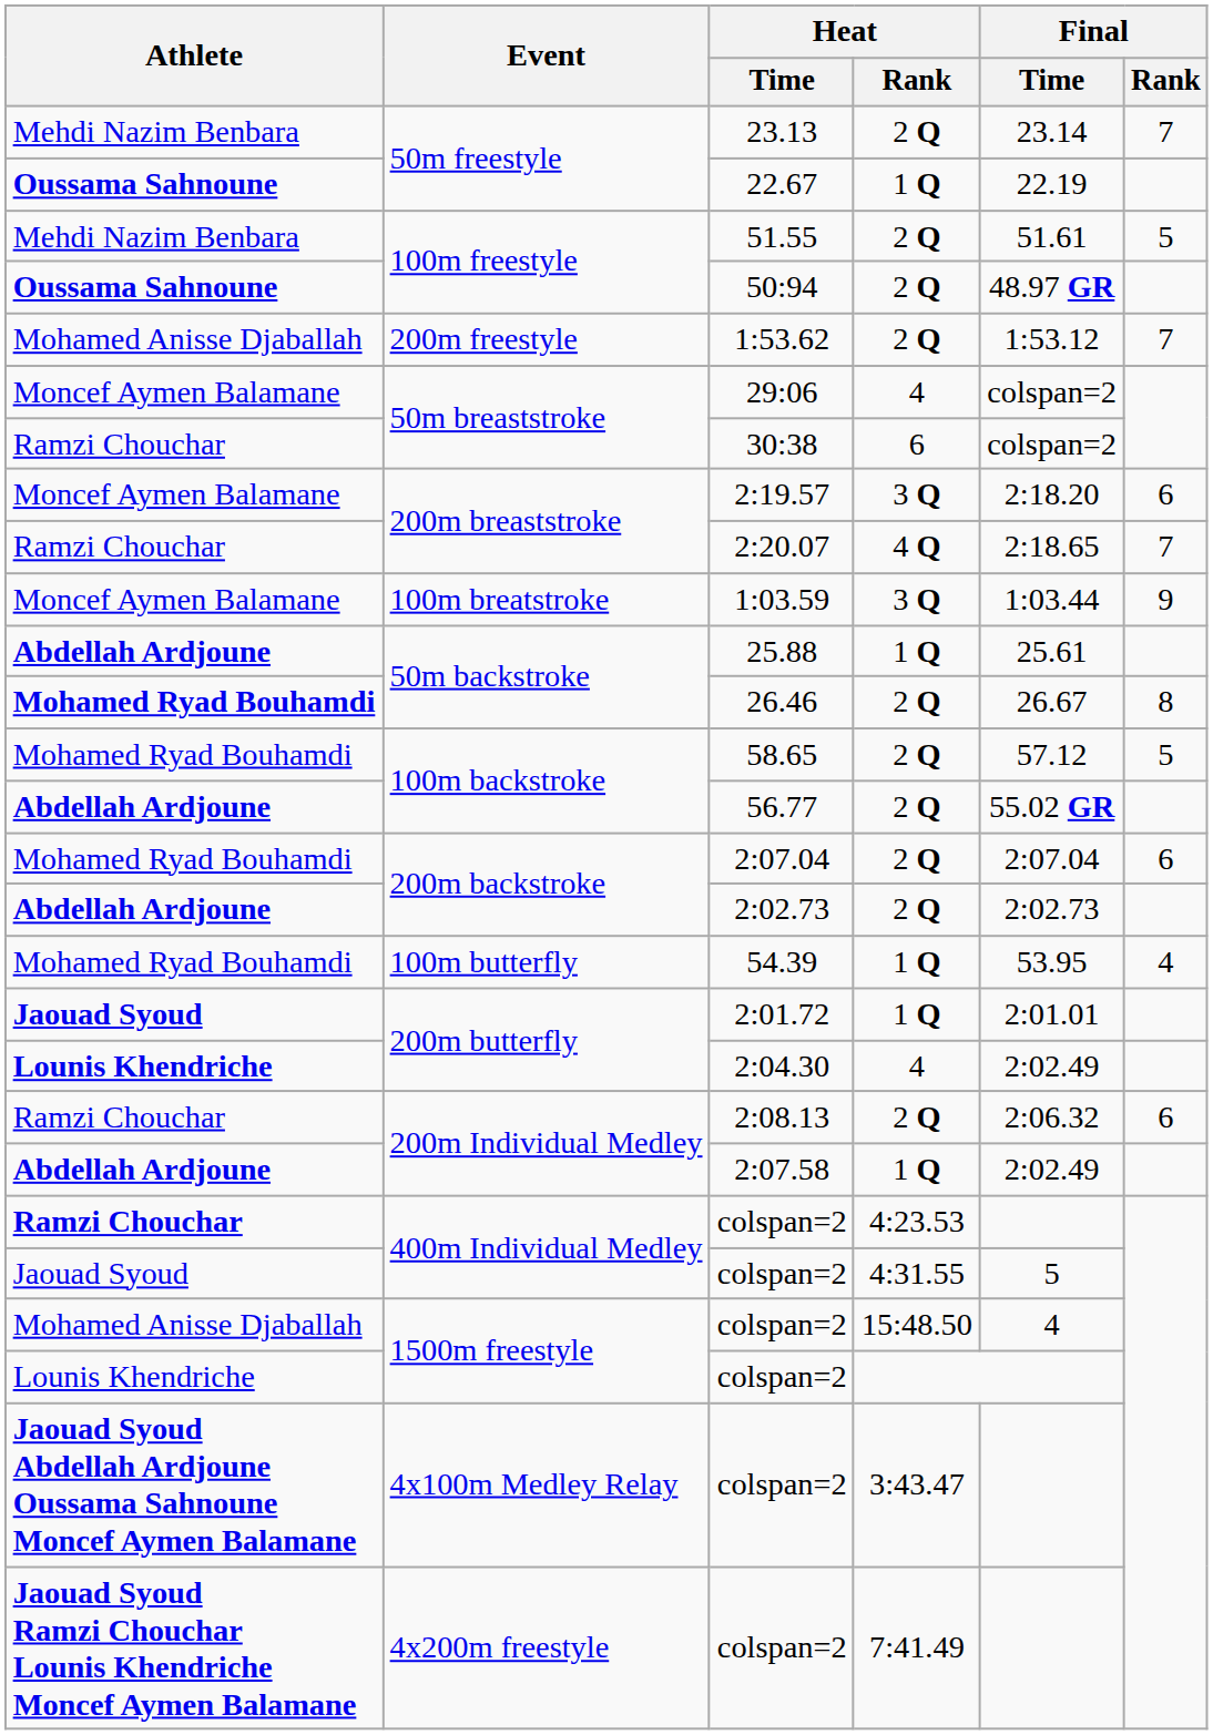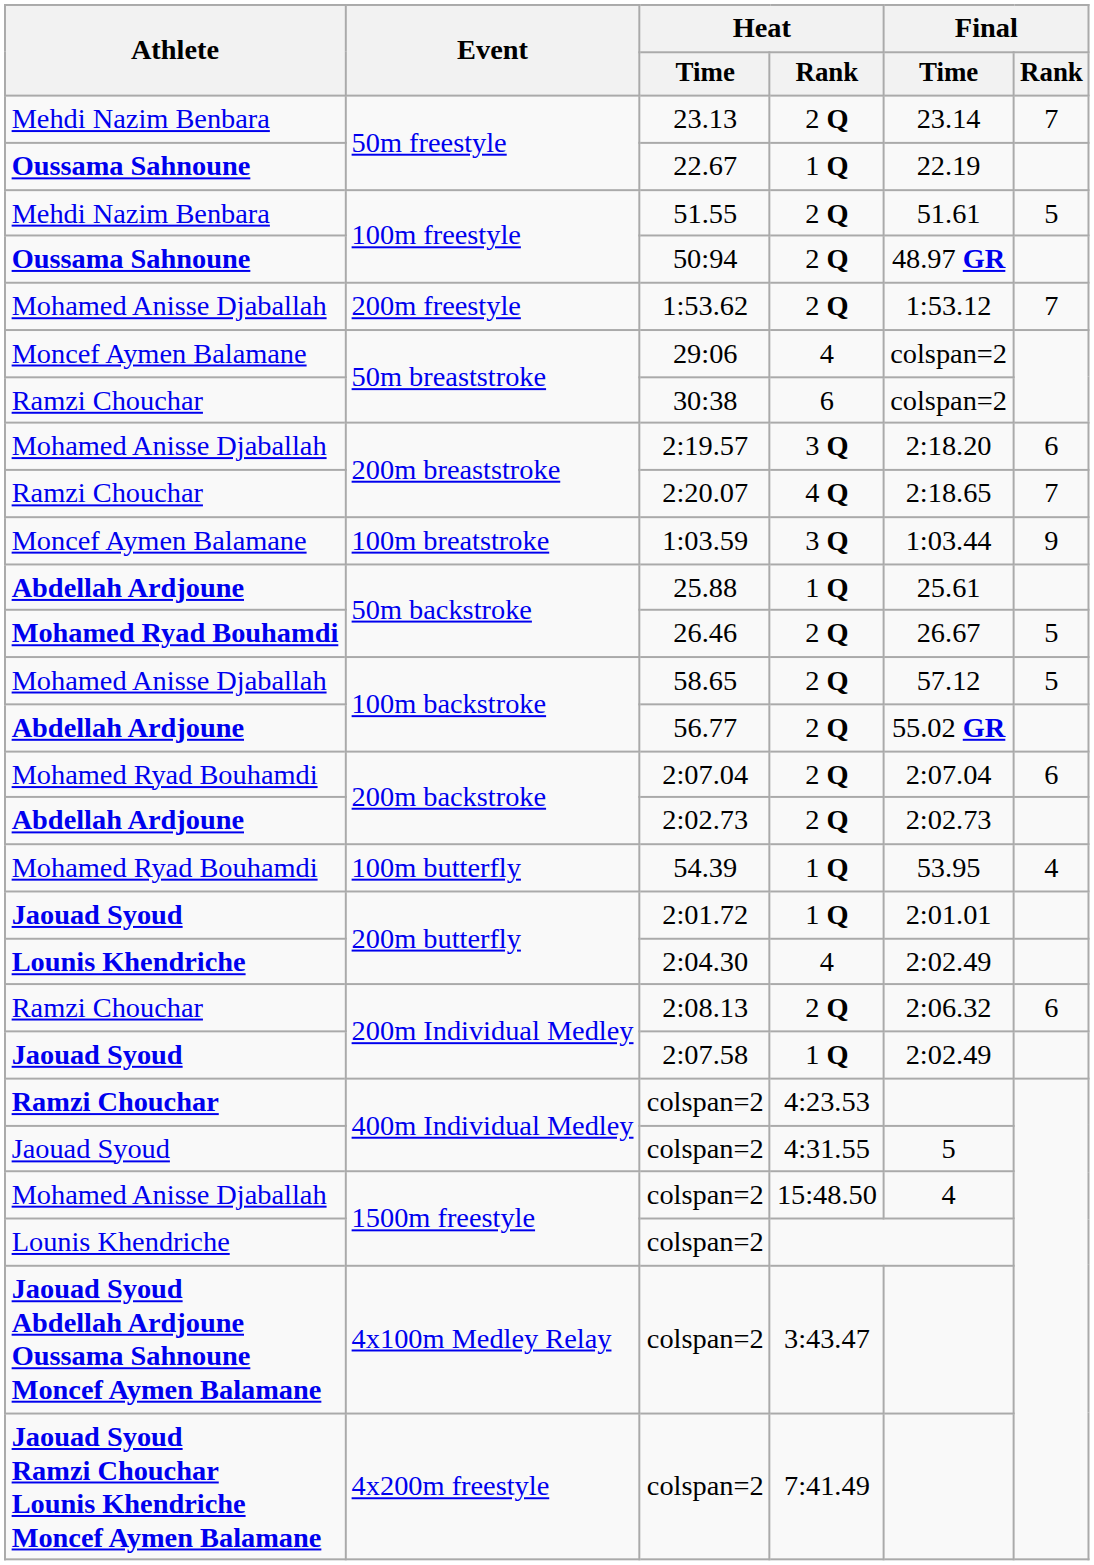 <table class=wikitable style="font-size:90%">
 <tr>
 <th rowspan=2>Athlete</th>
 <th rowspan=2>Event</th>
 <th colspan=2>Heat</th>
 <th colspan=2>Final</th>
 </tr>
 <tr style="font-size:95%">
 <th>Time</th>
 <th>Rank</th>
 <th>Time</th>
 <th>Rank</th>
 </tr>
 <tr align=center>
 <td align=left><a href='#'>Mehdi Nazim Benbara</a></td>
 <td align=left rowspan=2><a href='#'>50m freestyle</a></td>
 <td>23.13</td>
 <td>2 <strong>Q</strong></td>
 <td>23.14</td>
 <td>7</td>
 </tr>
 <tr align=center>
 <td align=left><strong><a href='#'>Oussama Sahnoune</a></strong></td>
 <td>22.67</td>
 <td>1 <strong>Q</strong></td>
 <td>22.19</td>
 <td></td>
 </tr>
 <tr align=center>
 <td align=left><a href='#'>Mehdi Nazim Benbara</a></td>
 <td align=left rowspan=2><a href='#'>100m freestyle</a></td>
 <td>51.55</td>
 <td>2 <strong>Q</strong></td>
 <td>51.61</td>
 <td>5</td>
 </tr>
 <tr align=center>
 <td align=left><strong><a href='#'>Oussama Sahnoune</a></strong></td>
 <td>50:94</td>
 <td>2 <strong>Q</strong></td>
 <td>48.97 <strong><a href='#'>GR</a></strong></td>
 <td></td>
 </tr>
 <tr align=center>
 <td align=left><a href='#'>Mohamed Anisse Djaballah</a></td>
 <td align=left><a href='#'>200m freestyle</a></td>
 <td>1:53.62</td>
 <td>2 <strong>Q</strong></td>
 <td>1:53.12</td>
 <td>7</td>
 </tr>
 <tr align=center>
 <td align=left><a href='#'>Moncef Aymen Balamane</a></td>
 <td align=left rowspan=2><a href='#'>50m breaststroke</a></td>
 <td>29:06</td>
 <td>4</td>
 <td>colspan=2 </td>
 </tr>
 <tr align=center>
 <td align=left><a href='#'>Ramzi Chouchar</a></td>
 <td>30:38</td>
 <td>6</td>
 <td>colspan=2 </td>
 </tr>
 <tr align=center>
-<td align=left><a href='#'>Moncef Aymen Balamane</a></td>
+<td align=left><a href='#'>Mohamed Anisse Djaballah</a></td>
 <td align=left rowspan=2><a href='#'>200m breaststroke</a></td>
 <td>2:19.57</td>
 <td>3 <strong>Q</strong></td>
 <td>2:18.20</td>
 <td>6</td>
 </tr>
 <tr align=center>
 <td align=left><a href='#'>Ramzi Chouchar</a></td>
 <td>2:20.07</td>
 <td>4 <strong>Q</strong></td>
 <td>2:18.65</td>
 <td>7</td>
 </tr>
 <tr align=center>
 <td align=left><a href='#'>Moncef Aymen Balamane</a></td>
 <td align=left><a href='#'>100m breatstroke</a></td>
 <td>1:03.59</td>
 <td>3 <strong>Q</strong></td>
 <td>1:03.44</td>
 <td>9</td>
 </tr>
 <tr align=center>
 <td align=left><strong><a href='#'>Abdellah Ardjoune</a></strong></td>
 <td align=left rowspan=2><a href='#'>50m backstroke</a></td>
 <td>25.88</td>
 <td>1 <strong>Q</strong></td>
 <td>25.61</td>
 <td></td>
 </tr>
 <tr align=center>
 <td align=left><strong><a href='#'>Mohamed Ryad Bouhamdi</a></strong></td>
 <td>26.46</td>
 <td>2 <strong>Q</strong></td>
 <td>26.67</td>
-<td>8</td>
+<td>5</td>
 </tr>
 <tr align=center>
-<td align=left><a href='#'>Mohamed Ryad Bouhamdi</a></td>
+<td align=left><a href='#'>Mohamed Anisse Djaballah</a></td>
 <td align=left rowspan=2><a href='#'>100m backstroke</a></td>
 <td>58.65</td>
 <td>2 <strong>Q</strong></td>
 <td>57.12</td>
 <td>5</td>
 </tr>
 <tr align=center>
 <td align=left><strong><a href='#'>Abdellah Ardjoune</a></strong></td>
 <td>56.77</td>
 <td>2 <strong>Q</strong></td>
 <td>55.02 <strong><a href='#'>GR</a></strong></td>
 <td></td>
 </tr>
 <tr align=center>
 <td align=left><a href='#'>Mohamed Ryad Bouhamdi</a></td>
 <td align=left rowspan=2><a href='#'>200m backstroke</a></td>
 <td>2:07.04</td>
 <td>2 <strong>Q</strong></td>
 <td>2:07.04</td>
 <td>6</td>
 </tr>
 <tr align=center>
 <td align=left><strong><a href='#'>Abdellah Ardjoune</a></strong></td>
 <td>2:02.73</td>
 <td>2 <strong>Q</strong></td>
 <td>2:02.73</td>
 <td></td>
 </tr>
 <tr align=center>
 <td align=left><a href='#'>Mohamed Ryad Bouhamdi</a></td>
 <td align=left><a href='#'>100m butterfly</a></td>
 <td>54.39</td>
 <td>1 <strong>Q</strong></td>
 <td>53.95</td>
 <td>4</td>
 </tr>
 <tr align=center>
 <td align=left><strong><a href='#'>Jaouad Syoud</a></strong></td>
 <td align=left rowspan=2><a href='#'>200m butterfly</a></td>
 <td>2:01.72</td>
 <td>1 <strong>Q</strong></td>
 <td>2:01.01</td>
 <td></td>
 </tr>
 <tr align=center>
 <td align=left><strong><a href='#'>Lounis Khendriche</a></strong></td>
 <td>2:04.30</td>
 <td>4</td>
 <td>2:02.49</td>
 <td></td>
 </tr>
 <tr align=center>
 <td align=left><a href='#'>Ramzi Chouchar</a></td>
 <td align=left rowspan=2><a href='#'>200m Individual Medley</a></td>
 <td>2:08.13</td>
 <td>2 <strong>Q</strong></td>
 <td>2:06.32</td>
 <td>6</td>
 </tr>
 <tr align=center>
-<td align=left><strong><a href='#'>Abdellah Ardjoune</a></strong></td>
+<td align=left><strong><a href='#'>Jaouad Syoud</a></strong></td>
 <td>2:07.58</td>
 <td>1 <strong>Q</strong></td>
 <td>2:02.49</td>
 <td></td>
 </tr>
 <tr align=center>
 <td align=left><strong><a href='#'>Ramzi Chouchar</a></strong></td>
 <td align=left rowspan=2><a href='#'>400m Individual Medley</a></td>
 <td>colspan=2 </td>
 <td>4:23.53</td>
 <td></td>
 </tr>
 <tr align=center>
 <td align=left><a href='#'>Jaouad Syoud</a></td>
 <td>colspan=2 </td>
 <td>4:31.55</td>
 <td>5</td>
 </tr>
 <tr align=center>
 <td align=left><a href='#'>Mohamed Anisse Djaballah</a></td>
 <td align=left rowspan=2><a href='#'>1500m freestyle</a></td>
 <td>colspan=2 </td>
 <td>15:48.50</td>
 <td>4</td>
 </tr>
 <tr align=center>
 <td align=left><a href='#'>Lounis Khendriche</a></td>
 <td>colspan=2 </td>
 <td colspan="2"></td>
 </tr>
 <tr align=center>
 <td align=left><strong><a href='#'>Jaouad Syoud</a><br><a href='#'>Abdellah Ardjoune</a><br><a href='#'>Oussama Sahnoune</a><br><a href='#'>Moncef Aymen Balamane</a></strong></td>
 <td align=left><a href='#'>4x100m Medley Relay</a></td>
 <td>colspan=2 </td>
 <td>3:43.47</td>
 <td></td>
 </tr>
 <tr align=center>
 <td align=left><strong><a href='#'>Jaouad Syoud</a><br><a href='#'>Ramzi Chouchar</a><br><a href='#'>Lounis Khendriche</a><br><a href='#'>Moncef Aymen Balamane</a></strong></td>
 <td align=left><a href='#'>4x200m freestyle</a></td>
 <td>colspan=2 </td>
 <td>7:41.49</td>
 <td></td>
 </tr>
 </table>
